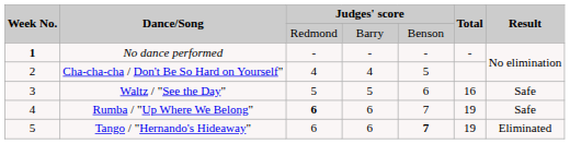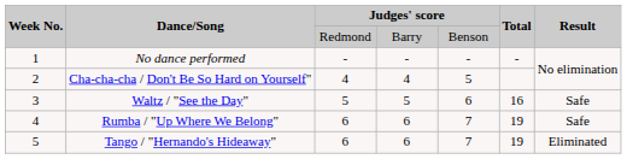 <table class="wikitable collapsible">
 <tr>
 <th rowspan="2" style="background:#ccc; text-align:Center;"><strong>Week No.</strong></th>
 <th rowspan="2" style="background:#ccc; text-align:Center;"><strong>Dance/Song</strong></th>
 <th colspan="3" style="background:#ccc; text-align:Center;"><strong>Judges' score</strong></th>
 <th rowspan="2" style="background:#ccc; text-align:Center;"><strong>Total</strong></th>
 <th rowspan="2" style="background:#ccc; text-align:Center;"><strong>Result</strong></th>
 </tr>
 <tr style="text-align:center; background:#ccc;">
 <td style="width:10%; ">Redmond</td>
 <td style="width:10%; ">Barry</td>
 <td style="width:10%; ">Benson</td>
 </tr>
 <tr style="text-align:center; background:#faf6f6;">
-<td><strong>1</strong></td>
+<td>1</td>
 <td><em>No dance performed</em></td>
 <td>-</td>
 <td>-</td>
 <td>-</td>
 <td>-</td>
 <td rowspan="2">No elimination</td>
 </tr>
 <tr style="text-align:center; background:#faf6f6;">
 <td>2</td>
 <td><a href='#'>Cha-cha-cha</a> / <a href='#'>Don't Be So Hard on Yourself</a>"</td>
 <td>4</td>
 <td>4</td>
 <td>5</td>
 <td></td>
 </tr>
 <tr style="text-align:center; background:#faf6f6;">
 <td>3</td>
 <td><a href='#'>Waltz</a> / "<a href='#'>See the Day</a>"</td>
 <td>5</td>
 <td>5</td>
 <td>6</td>
 <td>16</td>
 <td>Safe</td>
 </tr>
 <tr style="text-align:center; background:#faf6f6;">
 <td>4</td>
 <td><a href='#'>Rumba</a> / "<a href='#'>Up Where We Belong</a>"</td>
-<td><strong>6</strong></td>
+<td>6</td>
 <td>6</td>
 <td>7</td>
 <td>19</td>
 <td>Safe</td>
 </tr>
 <tr style="text-align:center; background:#faf6f6;">
 <td>5</td>
 <td><a href='#'>Tango</a> / "<a href='#'>Hernando's Hideaway</a>"</td>
 <td>6</td>
 <td>6</td>
-<td><strong>7</strong></td>
+<td>7</td>
 <td>19</td>
 <td>Eliminated</td>
 </tr>
 </table>
